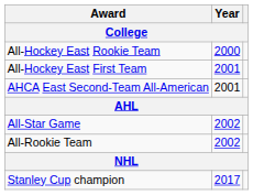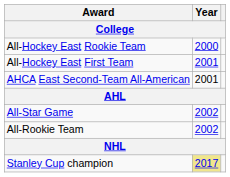 <table class="wikitable">
 <tr>
 <th>Award</th>
 <th>Year</th>
 <th></th>
 </tr>
 <tr>
 <th colspan="3"><a href='#'>College</a></th>
 </tr>
 <tr>
 <td>All-<a href='#'>Hockey East</a> <a href='#'>Rookie Team</a></td>
 <td><a href='#'>2000</a></td>
 <td></td>
 </tr>
 <tr>
 <td>All-<a href='#'>Hockey East</a> <a href='#'>First Team</a></td>
 <td><a href='#'>2001</a></td>
 <td></td>
 </tr>
 <tr>
 <td><a href='#'>AHCA</a> <a href='#'>East Second-Team All-American</a></td>
 <td>2001</td>
 <td></td>
 </tr>
 <tr>
 <th colspan="3"><a href='#'>AHL</a></th>
 </tr>
 <tr>
 <td><a href='#'>All-Star Game</a></td>
 <td><a href='#'>2002</a></td>
 <td></td>
 </tr>
 <tr>
 <td>All-Rookie Team</td>
 <td><a href='#'>2002</a></td>
 <td></td>
 </tr>
 <tr>
 <th colspan="3"><a href='#'>NHL</a></th>
 </tr>
 <tr>
 <td><a href='#'>Stanley Cup</a> champion</td>
-<td><a href='#'>2017</a></td>
+<td style="background: khaki;"><a href='#'>2017</a></td>
 <td></td>
 </tr>
 </table>
